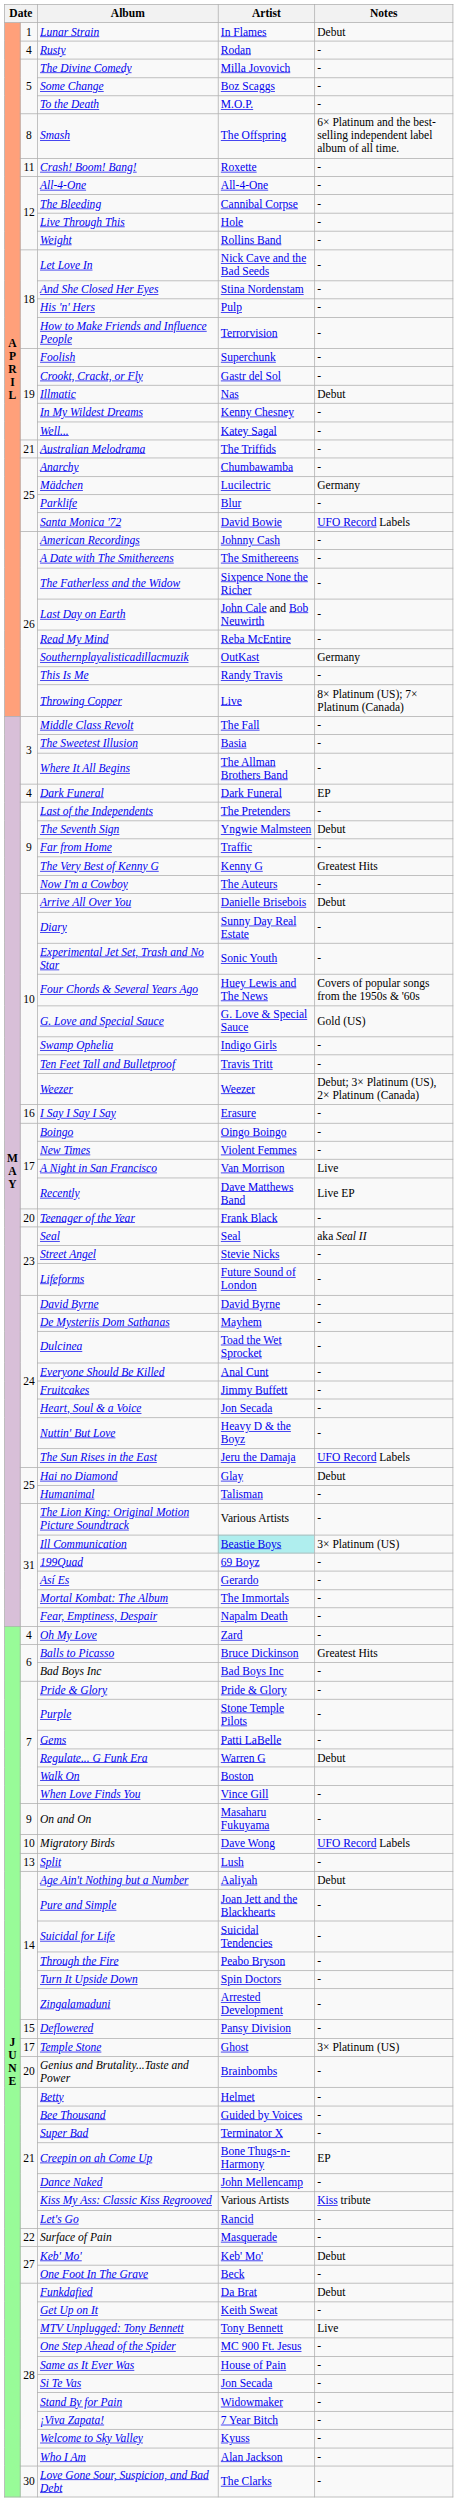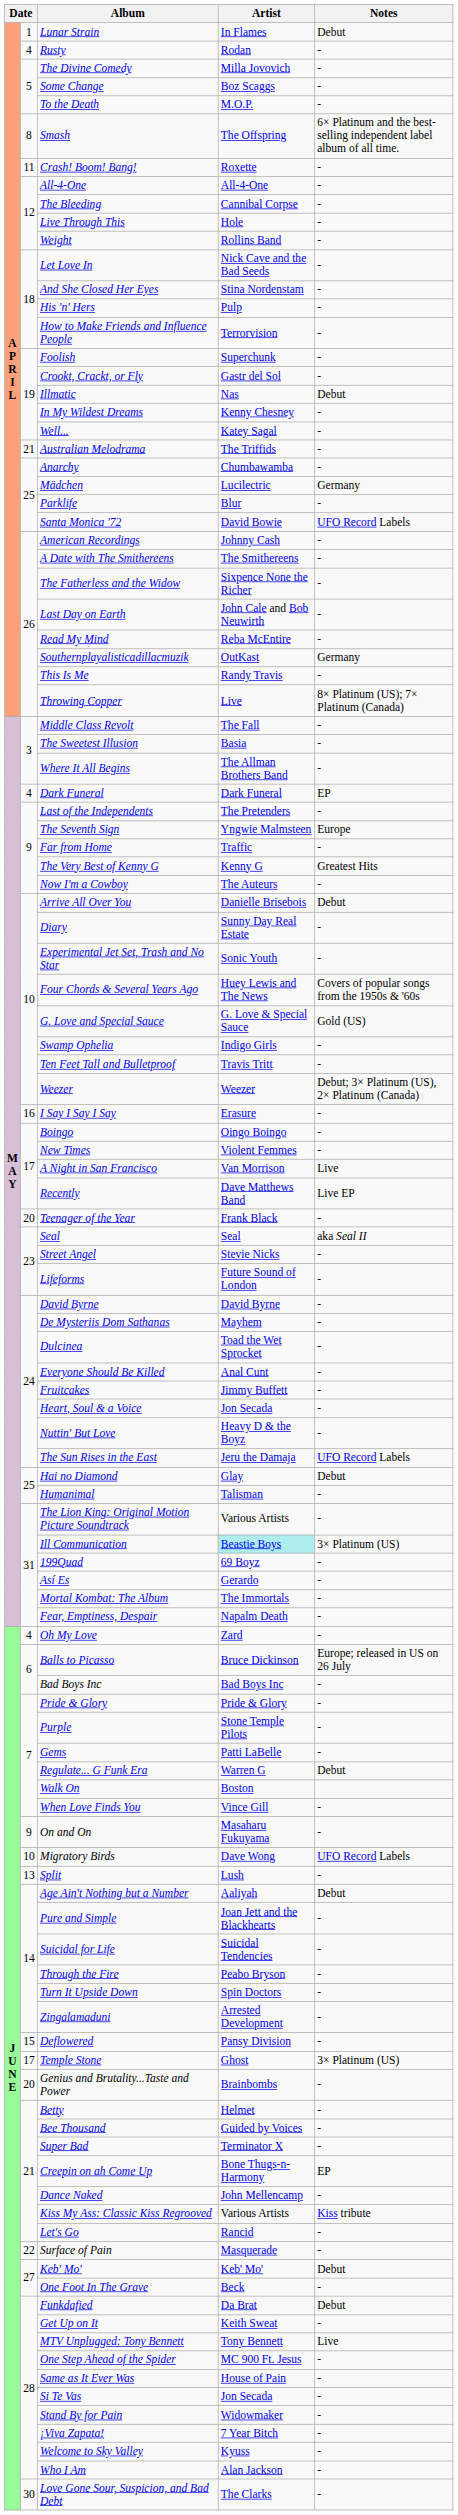 <table class="wikitable" style="width:100%;">
 <tr>
 <th colspan="2">Date</th>
 <th>Album</th>
 <th>Artist</th>
 <th>Notes</th>
 </tr>
 <tr>
 <td rowspan="33" style="text-align:center; background:#ffa07a; textcolor:#000;"><strong>A<br>P<br>R<br>I<br>L</strong></td>
 <td style="text-align:center;">1</td>
 <td><em><a href='#'>Lunar Strain</a></em></td>
 <td><a href='#'>In Flames</a></td>
 <td>Debut</td>
 </tr>
 <tr>
 <td rowspan="1" style="text-align:center;">4</td>
 <td><em><a href='#'>Rusty</a></em></td>
 <td><a href='#'>Rodan</a></td>
 <td>-</td>
 </tr>
 <tr>
 <td rowspan="3" style="text-align:center;">5</td>
 <td><em><a href='#'>The Divine Comedy</a></em></td>
 <td><a href='#'>Milla Jovovich</a></td>
 <td>-</td>
 </tr>
 <tr>
 <td><em><a href='#'>Some Change</a></em></td>
 <td><a href='#'>Boz Scaggs</a></td>
 <td>-</td>
 </tr>
 <tr>
 <td><em><a href='#'>To the Death</a></em></td>
 <td><a href='#'>M.O.P.</a></td>
 <td>-</td>
 </tr>
 <tr>
 <td style="text-align:center;">8</td>
 <td><em><a href='#'>Smash</a></em></td>
 <td><a href='#'>The Offspring</a></td>
 <td>6× Platinum and the best-selling independent label album of all time.</td>
 </tr>
 <tr>
 <td style="text-align:center;">11</td>
 <td><em><a href='#'>Crash! Boom! Bang!</a></em></td>
 <td><a href='#'>Roxette</a></td>
 <td>-</td>
 </tr>
 <tr>
 <td rowspan="4" style="text-align:center;">12</td>
 <td><em><a href='#'>All-4-One</a></em></td>
 <td><a href='#'>All-4-One</a></td>
 <td>-</td>
 </tr>
 <tr>
 <td><em><a href='#'>The Bleeding</a></em></td>
 <td><a href='#'>Cannibal Corpse</a></td>
 <td>-</td>
 </tr>
 <tr>
 <td><em><a href='#'>Live Through This</a></em></td>
 <td><a href='#'>Hole</a></td>
 <td>-</td>
 </tr>
 <tr>
 <td><em><a href='#'>Weight</a></em></td>
 <td><a href='#'>Rollins Band</a></td>
 <td>-</td>
 </tr>
 <tr>
 <td rowspan="4" style="text-align:center;">18</td>
 <td><em><a href='#'>Let Love In</a></em></td>
 <td><a href='#'>Nick Cave and the Bad Seeds</a></td>
 <td>-</td>
 </tr>
 <tr>
 <td><em><a href='#'>And She Closed Her Eyes</a></em></td>
 <td><a href='#'>Stina Nordenstam</a></td>
 <td>-</td>
 </tr>
 <tr>
 <td><em><a href='#'>His 'n' Hers</a></em></td>
 <td><a href='#'>Pulp</a></td>
 <td>-</td>
 </tr>
 <tr>
 <td><em><a href='#'>How to Make Friends and Influence People</a></em></td>
 <td><a href='#'>Terrorvision</a></td>
 <td>-</td>
 </tr>
 <tr>
 <td rowspan="5" style="text-align:center;">19</td>
 <td><em><a href='#'>Foolish</a></em></td>
 <td><a href='#'>Superchunk</a></td>
 <td>-</td>
 </tr>
 <tr>
 <td><em><a href='#'>Crookt, Crackt, or Fly</a></em></td>
 <td><a href='#'>Gastr del Sol</a></td>
 <td>-</td>
 </tr>
 <tr>
 <td><em><a href='#'>Illmatic</a></em></td>
 <td><a href='#'>Nas</a></td>
 <td>Debut</td>
 </tr>
 <tr>
 <td><em><a href='#'>In My Wildest Dreams</a></em></td>
 <td><a href='#'>Kenny Chesney</a></td>
 <td>-</td>
 </tr>
 <tr>
 <td><em><a href='#'>Well...</a></em></td>
 <td><a href='#'>Katey Sagal</a></td>
 <td>-</td>
 </tr>
 <tr>
 <td rowspan="1" style="text-align:center;">21</td>
 <td><em><a href='#'>Australian Melodrama</a></em></td>
 <td><a href='#'>The Triffids</a></td>
 <td>-</td>
 </tr>
 <tr>
 <td rowspan="4" style="text-align:center;">25</td>
 <td><em><a href='#'>Anarchy</a></em></td>
 <td><a href='#'>Chumbawamba</a></td>
 <td>-</td>
 </tr>
 <tr>
 <td><em><a href='#'>Mädchen</a></em></td>
 <td><a href='#'>Lucilectric</a></td>
 <td>Germany</td>
 </tr>
 <tr>
 <td><em><a href='#'>Parklife</a></em></td>
 <td><a href='#'>Blur</a></td>
 <td>-</td>
 </tr>
 <tr>
 <td><em><a href='#'>Santa Monica '72</a></em></td>
 <td><a href='#'>David Bowie</a></td>
 <td><a href='#'>UFO Record</a> Labels</td>
 </tr>
 <tr>
 <td rowspan="8" style="text-align:center;">26</td>
 <td><em><a href='#'>American Recordings</a></em></td>
 <td><a href='#'>Johnny Cash</a></td>
 <td>-</td>
 </tr>
 <tr>
 <td><em><a href='#'>A Date with The Smithereens</a></em></td>
 <td><a href='#'>The Smithereens</a></td>
 <td>-</td>
 </tr>
 <tr>
 <td><em><a href='#'>The Fatherless and the Widow</a></em></td>
 <td><a href='#'>Sixpence None the Richer</a></td>
 <td>-</td>
 </tr>
 <tr>
 <td><em><a href='#'>Last Day on Earth</a></em></td>
 <td><a href='#'>John Cale</a> and <a href='#'>Bob Neuwirth</a></td>
 <td>-</td>
 </tr>
 <tr>
 <td><em><a href='#'>Read My Mind</a></em></td>
 <td><a href='#'>Reba McEntire</a></td>
 <td>-</td>
 </tr>
 <tr>
 <td><em><a href='#'>Southernplayalisticadillacmuzik</a></em></td>
 <td><a href='#'>OutKast</a></td>
 <td>Germany</td>
 </tr>
 <tr>
 <td><em><a href='#'>This Is Me</a></em></td>
 <td><a href='#'>Randy Travis</a></td>
 <td>-</td>
 </tr>
 <tr>
 <td><em><a href='#'>Throwing Copper</a></em></td>
 <td><a href='#'>Live</a></td>
 <td>8× Platinum (US); 7× Platinum (Canada)</td>
 </tr>
 <tr>
 <td rowspan="42" style="text-align:center; background:thistle; textcolor:#000;"><strong>M<br>A<br>Y</strong></td>
 <td rowspan="3" style="text-align:center;">3</td>
 <td><em><a href='#'>Middle Class Revolt</a></em></td>
 <td><a href='#'>The Fall</a></td>
 <td>-</td>
 </tr>
 <tr>
 <td><em><a href='#'>The Sweetest Illusion</a></em></td>
 <td><a href='#'>Basia</a></td>
 <td>-</td>
 </tr>
 <tr>
 <td><em><a href='#'>Where It All Begins</a></em></td>
 <td><a href='#'>The Allman Brothers Band</a></td>
 <td>-</td>
 </tr>
 <tr>
 <td style="text-align:center;">4</td>
 <td><em><a href='#'>Dark Funeral</a></em></td>
 <td><a href='#'>Dark Funeral</a></td>
 <td>EP</td>
 </tr>
 <tr>
 <td rowspan="5" style="text-align:center;">9</td>
 <td><em><a href='#'>Last of the Independents</a></em></td>
 <td><a href='#'>The Pretenders</a></td>
 <td>-</td>
 </tr>
 <tr>
 <td><em><a href='#'>The Seventh Sign</a></em></td>
 <td><a href='#'>Yngwie Malmsteen</a></td>
-<td>Debut</td>
+<td>Europe</td>
 </tr>
 <tr>
 <td><em><a href='#'>Far from Home</a></em></td>
 <td><a href='#'>Traffic</a></td>
 <td>-</td>
 </tr>
 <tr>
 <td><em><a href='#'>The Very Best of Kenny G</a></em></td>
 <td><a href='#'>Kenny G</a></td>
 <td>Greatest Hits</td>
 </tr>
 <tr>
 <td><em><a href='#'>Now I'm a Cowboy</a></em></td>
 <td><a href='#'>The Auteurs</a></td>
 <td>-</td>
 </tr>
 <tr>
 <td rowspan="8" style="text-align:center;">10</td>
 <td><em><a href='#'>Arrive All Over You</a></em></td>
 <td><a href='#'>Danielle Brisebois</a></td>
 <td>Debut</td>
 </tr>
 <tr>
 <td><em><a href='#'>Diary</a></em></td>
 <td><a href='#'>Sunny Day Real Estate</a></td>
 <td>-</td>
 </tr>
 <tr>
 <td><em><a href='#'>Experimental Jet Set, Trash and No Star</a></em></td>
 <td><a href='#'>Sonic Youth</a></td>
 <td>-</td>
 </tr>
 <tr>
 <td><em><a href='#'>Four Chords & Several Years Ago</a></em></td>
 <td><a href='#'>Huey Lewis and The News</a></td>
 <td>Covers of popular songs from the 1950s & '60s</td>
 </tr>
 <tr>
 <td><em><a href='#'>G. Love and Special Sauce</a></em></td>
 <td><a href='#'>G. Love & Special Sauce</a></td>
 <td>Gold (US)</td>
 </tr>
 <tr>
 <td><em><a href='#'>Swamp Ophelia</a></em></td>
 <td><a href='#'>Indigo Girls</a></td>
 <td>-</td>
 </tr>
 <tr>
 <td><em><a href='#'>Ten Feet Tall and Bulletproof</a></em></td>
 <td><a href='#'>Travis Tritt</a></td>
 <td>-</td>
 </tr>
 <tr>
 <td><em><a href='#'>Weezer</a></em></td>
 <td><a href='#'>Weezer</a></td>
 <td>Debut; 3× Platinum (US), 2× Platinum (Canada)</td>
 </tr>
 <tr>
 <td rowspan="1" style="text-align:center;">16</td>
 <td><em><a href='#'>I Say I Say I Say</a></em></td>
 <td><a href='#'>Erasure</a></td>
 <td>-</td>
 </tr>
 <tr>
 <td rowspan="4" style="text-align:center;">17</td>
 <td><em><a href='#'>Boingo</a></em></td>
 <td><a href='#'>Oingo Boingo</a></td>
 <td>-</td>
 </tr>
 <tr>
 <td><em><a href='#'>New Times</a></em></td>
 <td><a href='#'>Violent Femmes</a></td>
 <td>-</td>
 </tr>
 <tr>
 <td><em><a href='#'>A Night in San Francisco</a></em></td>
 <td><a href='#'>Van Morrison</a></td>
 <td>Live</td>
 </tr>
 <tr>
 <td><em><a href='#'>Recently</a></em></td>
 <td><a href='#'>Dave Matthews Band</a></td>
 <td>Live EP</td>
 </tr>
 <tr>
 <td rowspan="1" style="text-align:center;">20</td>
 <td><em><a href='#'>Teenager of the Year</a></em></td>
 <td><a href='#'>Frank Black</a></td>
 <td>-</td>
 </tr>
 <tr>
 <td rowspan="3" style="text-align:center;">23</td>
 <td><em><a href='#'>Seal</a></em></td>
 <td><a href='#'>Seal</a></td>
 <td>aka <em>Seal II</em></td>
 </tr>
 <tr>
 <td><em><a href='#'>Street Angel</a></em></td>
 <td><a href='#'>Stevie Nicks</a></td>
 <td>-</td>
 </tr>
 <tr>
 <td><em><a href='#'>Lifeforms</a></em></td>
 <td><a href='#'>Future Sound of London</a></td>
 <td>-</td>
 </tr>
 <tr>
 <td rowspan="8" style="text-align:center;">24</td>
 <td><em><a href='#'>David Byrne</a></em></td>
 <td><a href='#'>David Byrne</a></td>
 <td>-</td>
 </tr>
 <tr>
 <td><em><a href='#'>De Mysteriis Dom Sathanas</a></em></td>
 <td><a href='#'>Mayhem</a></td>
 <td>-</td>
 </tr>
 <tr>
 <td><em><a href='#'>Dulcinea</a></em></td>
 <td><a href='#'>Toad the Wet Sprocket</a></td>
 <td>-</td>
 </tr>
 <tr>
 <td><em><a href='#'>Everyone Should Be Killed</a></em></td>
 <td><a href='#'>Anal Cunt</a></td>
 <td>-</td>
 </tr>
 <tr>
 <td><em><a href='#'>Fruitcakes</a></em></td>
 <td><a href='#'>Jimmy Buffett</a></td>
 <td>-</td>
 </tr>
 <tr>
 <td><em><a href='#'>Heart, Soul & a Voice</a></em></td>
 <td><a href='#'>Jon Secada</a></td>
 <td>-</td>
 </tr>
 <tr>
 <td><em><a href='#'>Nuttin' But Love</a></em></td>
 <td><a href='#'>Heavy D & the Boyz</a></td>
 <td>-</td>
 </tr>
 <tr>
 <td><em><a href='#'>The Sun Rises in the East</a></em></td>
 <td><a href='#'>Jeru the Damaja</a></td>
 <td><a href='#'>UFO Record</a> Labels</td>
 </tr>
 <tr>
 <td rowspan="2" style="text-align:center;">25</td>
 <td><em><a href='#'>Hai no Diamond</a></em></td>
 <td><a href='#'>Glay</a></td>
 <td>Debut</td>
 </tr>
 <tr>
 <td><em><a href='#'>Humanimal</a></em></td>
 <td><a href='#'>Talisman</a></td>
 <td>-</td>
 </tr>
 <tr>
 <td rowspan="6" style="text-align:center;">31</td>
 <td><em><a href='#'>The Lion King: Original Motion Picture Soundtrack</a></em></td>
 <td>Various Artists</td>
 <td>-</td>
 </tr>
 <tr>
 <td><em><a href='#'>Ill Communication</a></em></td>
 <td style="background: paleturquoise;"><a href='#'>Beastie Boys</a></td>
 <td>3× Platinum (US)</td>
 </tr>
 <tr>
 <td><em><a href='#'>199Quad</a></em></td>
 <td><a href='#'>69 Boyz</a></td>
 <td>-</td>
 </tr>
 <tr>
 <td><em><a href='#'>Así Es</a></em></td>
 <td><a href='#'>Gerardo</a></td>
 <td>-</td>
 </tr>
 <tr>
 <td><em><a href='#'>Mortal Kombat: The Album</a></em></td>
 <td><a href='#'>The Immortals</a></td>
 <td>-</td>
 </tr>
 <tr>
 <td><em><a href='#'>Fear, Emptiness, Despair</a></em></td>
 <td><a href='#'>Napalm Death</a></td>
 <td>-</td>
 </tr>
 <tr>
 <td rowspan="42" style="text-align:center; background:#98fb98; textcolor:#000;"><strong>J<br>U<br>N<br>E</strong></td>
 <td style="text-align:center;">4</td>
 <td><em><a href='#'>Oh My Love</a></em></td>
 <td><a href='#'>Zard</a></td>
 <td>-</td>
 </tr>
 <tr>
 <td rowspan="2" style="text-align:center;">6</td>
 <td><em><a href='#'>Balls to Picasso</a></em></td>
 <td><a href='#'>Bruce Dickinson</a></td>
-<td>Greatest Hits</td>
+<td>Europe; released in US on 26 July</td>
 </tr>
 <tr>
 <td><em>Bad Boys Inc</em></td>
 <td><a href='#'>Bad Boys Inc</a></td>
 <td>-</td>
 </tr>
 <tr>
 <td rowspan="6" style="text-align:center;">7</td>
 <td><em><a href='#'>Pride & Glory</a></em></td>
 <td><a href='#'>Pride & Glory</a></td>
 <td>-</td>
 </tr>
 <tr>
 <td><em><a href='#'>Purple</a></em></td>
 <td><a href='#'>Stone Temple Pilots</a></td>
 <td>-</td>
 </tr>
 <tr>
 <td><em><a href='#'>Gems</a></em></td>
 <td><a href='#'>Patti LaBelle</a></td>
 <td>-</td>
 </tr>
 <tr>
 <td><em><a href='#'>Regulate... G Funk Era</a></em></td>
 <td><a href='#'>Warren G</a></td>
 <td>Debut</td>
 </tr>
 <tr>
 <td><em><a href='#'>Walk On</a></em></td>
 <td><a href='#'>Boston</a></td>
 </tr>
 <tr>
 <td><em><a href='#'>When Love Finds You</a></em></td>
 <td><a href='#'>Vince Gill</a></td>
 <td>-</td>
 </tr>
 <tr>
 <td style="text-align:center;">9</td>
 <td><em>On and On</em></td>
 <td><a href='#'>Masaharu Fukuyama</a></td>
 <td>-</td>
 </tr>
 <tr>
 <td style="text-align:center;">10</td>
 <td><em>Migratory Birds</em></td>
 <td><a href='#'>Dave Wong</a></td>
 <td><a href='#'>UFO Record</a> Labels</td>
 </tr>
 <tr>
 <td style="text-align:center;">13</td>
 <td><em><a href='#'>Split</a></em></td>
 <td><a href='#'>Lush</a></td>
 <td>-</td>
 </tr>
 <tr>
 <td rowspan="6" style="text-align:center;">14</td>
 <td><em><a href='#'>Age Ain't Nothing but a Number</a></em></td>
 <td><a href='#'>Aaliyah</a></td>
 <td>Debut</td>
 </tr>
 <tr>
 <td><em><a href='#'>Pure and Simple</a></em></td>
 <td><a href='#'>Joan Jett and the Blackhearts</a></td>
 <td>-</td>
 </tr>
 <tr>
 <td><em><a href='#'>Suicidal for Life</a></em></td>
 <td><a href='#'>Suicidal Tendencies</a></td>
 <td>-</td>
 </tr>
 <tr>
 <td><em><a href='#'>Through the Fire</a></em></td>
 <td><a href='#'>Peabo Bryson</a></td>
 <td>-</td>
 </tr>
 <tr>
 <td><em><a href='#'>Turn It Upside Down</a></em></td>
 <td><a href='#'>Spin Doctors</a></td>
 <td>-</td>
 </tr>
 <tr>
 <td><em><a href='#'>Zingalamaduni</a></em></td>
 <td><a href='#'>Arrested Development</a></td>
 <td>-</td>
 </tr>
 <tr>
 <td style="text-align:center;">15</td>
 <td><em><a href='#'>Deflowered</a></em></td>
 <td><a href='#'>Pansy Division</a></td>
 <td>-</td>
 </tr>
 <tr>
 <td style="text-align:center;">17</td>
 <td><em><a href='#'>Temple Stone</a></em></td>
 <td><a href='#'>Ghost</a></td>
 <td>3× Platinum (US)</td>
 </tr>
 <tr>
 <td rowspan="1" style="text-align:center;">20</td>
 <td><em>Genius and Brutality...Taste and Power</em></td>
 <td><a href='#'>Brainbombs</a></td>
 <td>-</td>
 </tr>
 <tr>
 <td rowspan="7" style="text-align:center;">21</td>
 <td><em><a href='#'>Betty</a></em></td>
 <td><a href='#'>Helmet</a></td>
 <td>-</td>
 </tr>
 <tr>
 <td><em><a href='#'>Bee Thousand</a></em></td>
 <td><a href='#'>Guided by Voices</a></td>
 <td>-</td>
 </tr>
 <tr>
 <td><em><a href='#'>Super Bad</a></em></td>
 <td><a href='#'>Terminator X</a></td>
 <td>-</td>
 </tr>
 <tr>
 <td><em><a href='#'>Creepin on ah Come Up</a></em></td>
 <td><a href='#'>Bone Thugs-n-Harmony</a></td>
 <td>EP</td>
 </tr>
 <tr>
 <td><em><a href='#'>Dance Naked</a></em></td>
 <td><a href='#'>John Mellencamp</a></td>
 <td>-</td>
 </tr>
 <tr>
 <td><em><a href='#'>Kiss My Ass: Classic Kiss Regrooved</a></em></td>
 <td>Various Artists</td>
 <td><a href='#'>Kiss</a> tribute</td>
 </tr>
 <tr>
 <td><em><a href='#'>Let's Go</a></em></td>
 <td><a href='#'>Rancid</a></td>
 <td>-</td>
 </tr>
 <tr>
 <td rowspan="1" style="text-align:center;">22</td>
 <td><em>Surface of Pain</em></td>
 <td><a href='#'>Masquerade</a></td>
 <td>-</td>
 </tr>
 <tr>
 <td rowspan="2" style="text-align:center;">27</td>
 <td><em><a href='#'>Keb' Mo'</a></em></td>
 <td><a href='#'>Keb' Mo'</a></td>
 <td>Debut</td>
 </tr>
 <tr>
 <td><em><a href='#'>One Foot In The Grave</a></em></td>
 <td><a href='#'>Beck</a></td>
 <td>-</td>
 </tr>
 <tr>
 <td rowspan="10" style="text-align:center;">28</td>
 <td><em><a href='#'>Funkdafied</a></em></td>
 <td><a href='#'>Da Brat</a></td>
 <td>Debut</td>
 </tr>
 <tr>
 <td><em><a href='#'>Get Up on It</a></em></td>
 <td><a href='#'>Keith Sweat</a></td>
 <td>-</td>
 </tr>
 <tr>
 <td><em><a href='#'>MTV Unplugged: Tony Bennett</a></em></td>
 <td><a href='#'>Tony Bennett</a></td>
 <td>Live</td>
 </tr>
 <tr>
 <td><em><a href='#'>One Step Ahead of the Spider</a></em></td>
 <td><a href='#'>MC 900 Ft. Jesus</a></td>
 <td>-</td>
 </tr>
 <tr>
 <td><em><a href='#'>Same as It Ever Was</a></em></td>
 <td><a href='#'>House of Pain</a></td>
 <td>-</td>
 </tr>
 <tr>
 <td><em><a href='#'>Si Te Vas</a></em></td>
 <td><a href='#'>Jon Secada</a></td>
 <td>-</td>
 </tr>
 <tr>
 <td><em><a href='#'>Stand By for Pain</a></em></td>
 <td><a href='#'>Widowmaker</a></td>
 <td>-</td>
 </tr>
 <tr>
 <td><em><a href='#'>¡Viva Zapata!</a></em></td>
 <td><a href='#'>7 Year Bitch</a></td>
 <td>-</td>
 </tr>
 <tr>
 <td><em><a href='#'>Welcome to Sky Valley</a></em></td>
 <td><a href='#'>Kyuss</a></td>
 <td>-</td>
 </tr>
 <tr>
 <td><em><a href='#'>Who I Am</a></em></td>
 <td><a href='#'>Alan Jackson</a></td>
 <td>-</td>
 </tr>
 <tr>
 <td rowspan="1" style="text-align:center;">30</td>
 <td><em><a href='#'>Love Gone Sour, Suspicion, and Bad Debt</a></em></td>
 <td><a href='#'>The Clarks</a></td>
 <td>-</td>
 </tr>
 </table>
